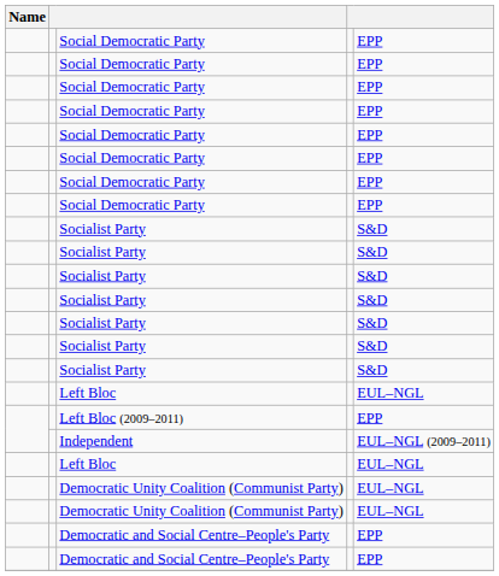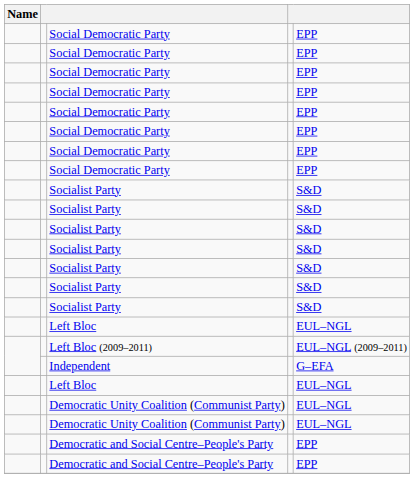 <table class="sortable wikitable">
 <tr>
 <th>Name</th>
 <th colspan=2></th>
 <th colspan=2></th>
 </tr>
 <tr>
 <td></td>
 <td style="background-color: "></td>
 <td><a href='#'>Social Democratic Party</a></td>
 <td style="background-color: "></td>
 <td><a href='#'>EPP</a></td>
 </tr>
 <tr>
 <td></td>
 <td style="background-color: "></td>
 <td><a href='#'>Social Democratic Party</a></td>
 <td style="background-color: "></td>
 <td><a href='#'>EPP</a></td>
 </tr>
 <tr>
 <td></td>
 <td style="background-color: "></td>
 <td><a href='#'>Social Democratic Party</a></td>
 <td style="background-color: "></td>
 <td><a href='#'>EPP</a></td>
 </tr>
 <tr>
 <td></td>
 <td style="background-color: "></td>
 <td><a href='#'>Social Democratic Party</a></td>
 <td style="background-color: "></td>
 <td><a href='#'>EPP</a></td>
 </tr>
 <tr>
 <td></td>
 <td style="background-color: "></td>
 <td><a href='#'>Social Democratic Party</a></td>
 <td style="background-color: "></td>
 <td><a href='#'>EPP</a></td>
 </tr>
 <tr>
 <td></td>
 <td style="background-color: "></td>
 <td><a href='#'>Social Democratic Party</a></td>
 <td style="background-color: "></td>
 <td><a href='#'>EPP</a></td>
 </tr>
 <tr>
 <td></td>
 <td style="background-color: "></td>
 <td><a href='#'>Social Democratic Party</a></td>
 <td style="background-color: "></td>
 <td><a href='#'>EPP</a></td>
 </tr>
 <tr>
 <td></td>
 <td style="background-color: "></td>
 <td><a href='#'>Social Democratic Party</a></td>
 <td style="background-color: "></td>
 <td><a href='#'>EPP</a></td>
 </tr>
 <tr>
 <td></td>
 <td style="background-color: "></td>
 <td><a href='#'>Socialist Party</a></td>
 <td style="background-color: "></td>
 <td><a href='#'>S&D</a></td>
 </tr>
 <tr>
 <td></td>
 <td style="background-color: "></td>
 <td><a href='#'>Socialist Party</a></td>
 <td style="background-color: "></td>
 <td><a href='#'>S&D</a></td>
 </tr>
 <tr>
 <td></td>
 <td style="background-color: "></td>
 <td><a href='#'>Socialist Party</a></td>
 <td style="background-color: "></td>
 <td><a href='#'>S&D</a></td>
 </tr>
 <tr>
 <td></td>
 <td style="background-color: "></td>
 <td><a href='#'>Socialist Party</a></td>
 <td style="background-color: "></td>
 <td><a href='#'>S&D</a></td>
 </tr>
 <tr>
 <td></td>
 <td style="background-color: "></td>
 <td><a href='#'>Socialist Party</a></td>
 <td style="background-color: "></td>
 <td><a href='#'>S&D</a></td>
 </tr>
 <tr>
 <td></td>
 <td style="background-color: "></td>
 <td><a href='#'>Socialist Party</a></td>
 <td style="background-color: "></td>
 <td><a href='#'>S&D</a></td>
 </tr>
 <tr>
 <td></td>
 <td style="background-color: "></td>
 <td><a href='#'>Socialist Party</a></td>
 <td style="background-color: "></td>
 <td><a href='#'>S&D</a></td>
 </tr>
 <tr>
 <td></td>
 <td style="background-color: "></td>
 <td><a href='#'>Left Bloc</a></td>
 <td style="background-color: "></td>
 <td><a href='#'>EUL–NGL</a></td>
 </tr>
 <tr>
 <td rowspan=2></td>
 <td style="background-color: "></td>
 <td><a href='#'>Left Bloc</a> <small>(2009–2011)</small></td>
 <td style="background-color: "></td>
-<td><a href='#'>EPP</a></td>
+<td><a href='#'>EUL–NGL</a> <small>(2009–2011)</small></td>
 </tr>
 <tr>
 <td style="background-color: "></td>
 <td><a href='#'>Independent</a></td>
 <td style="background-color: "></td>
-<td><a href='#'>EUL–NGL</a> <small>(2009–2011)</small></td>
+<td><a href='#'>G–EFA</a></td>
 </tr>
 <tr>
 <td></td>
 <td style="background-color: "></td>
 <td><a href='#'>Left Bloc</a></td>
 <td style="background-color: "></td>
 <td><a href='#'>EUL–NGL</a></td>
 </tr>
 <tr>
 <td></td>
 <td style="background-color: "></td>
 <td><a href='#'>Democratic Unity Coalition</a> (<a href='#'>Communist Party</a>)</td>
 <td style="background-color: "></td>
 <td><a href='#'>EUL–NGL</a></td>
 </tr>
 <tr>
 <td></td>
 <td style="background-color: "></td>
 <td><a href='#'>Democratic Unity Coalition</a> (<a href='#'>Communist Party</a>)</td>
 <td style="background-color: "></td>
 <td><a href='#'>EUL–NGL</a></td>
 </tr>
 <tr>
 <td></td>
 <td style="background-color: "></td>
 <td><a href='#'>Democratic and Social Centre–People's Party</a></td>
 <td style="background-color: "></td>
 <td><a href='#'>EPP</a></td>
 </tr>
 <tr>
 <td></td>
 <td style="background-color: "></td>
 <td><a href='#'>Democratic and Social Centre–People's Party</a></td>
 <td style="background-color: "></td>
 <td><a href='#'>EPP</a></td>
 </tr>
 <tr>
 </tr>
 </table>
